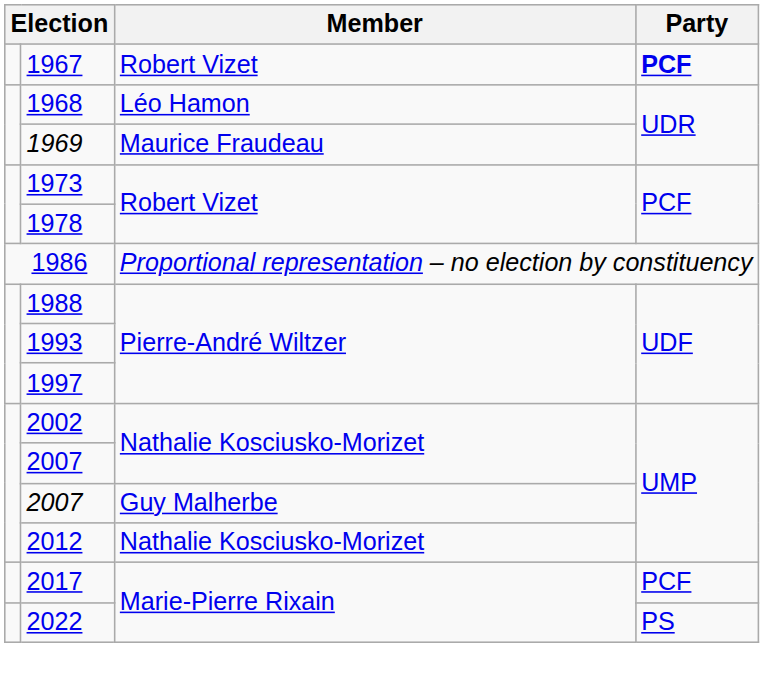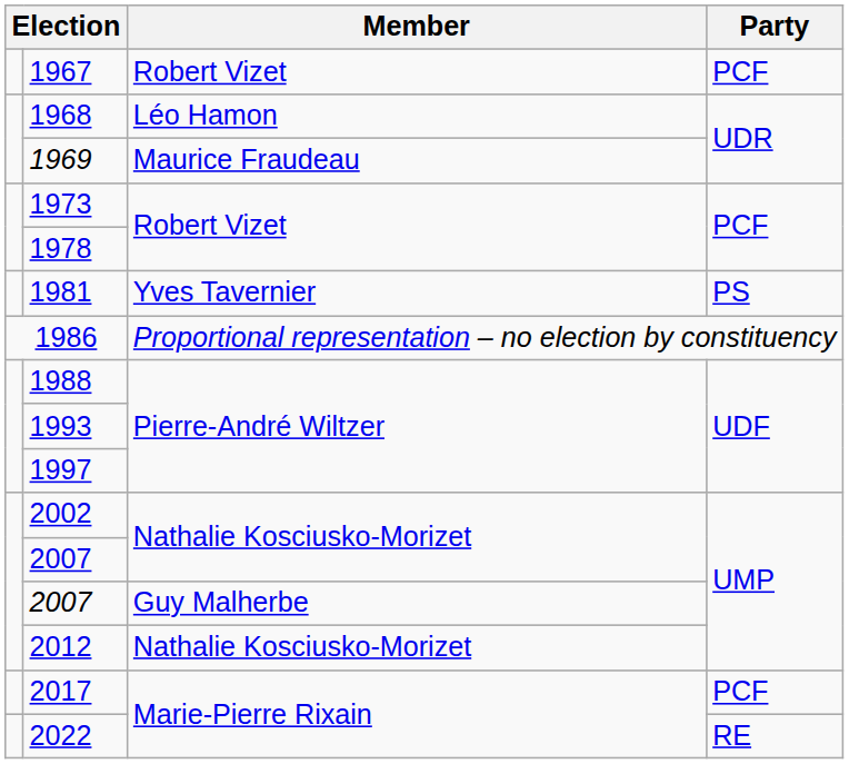 <table class="wikitable">
 <tr>
 <th colspan="2">Election</th>
 <th>Member</th>
 <th>Party</th>
 </tr>
 <tr>
 <td style="color:inherit;background-color: "></td>
 <td><a href='#'>1967</a></td>
 <td><a href='#'>Robert Vizet</a></td>
-<td><strong><a href='#'>PCF</a></strong></td>
+<td><a href='#'>PCF</a></td>
 </tr>
 <tr>
 <td rowspan="2" style="color:inherit;background-color: "></td>
 <td><a href='#'>1968</a></td>
 <td><a href='#'>Léo Hamon</a></td>
 <td rowspan="2"><a href='#'>UDR</a></td>
 </tr>
 <tr>
 <td><em>1969</em></td>
 <td><a href='#'>Maurice Fraudeau</a></td>
 </tr>
 <tr>
 <td rowspan="2" style="color:inherit;background-color: "></td>
 <td><a href='#'>1973</a></td>
 <td rowspan="2"><a href='#'>Robert Vizet</a></td>
 <td rowspan="2"><a href='#'>PCF</a></td>
 </tr>
 <tr>
 <td><a href='#'>1978</a></td>
+</tr>
+<tr>
+<td style="color:inherit;background-color: "></td>
+<td><a href='#'>1981</a></td>
+<td><a href='#'>Yves Tavernier</a></td>
+<td><a href='#'>PS</a></td>
 </tr>
 <tr>
 <td colspan="2" align="center"><a href='#'>1986</a></td>
 <td colspan="2"><em><a href='#'>Proportional representation</a> – no election by constituency</em></td>
 </tr>
 <tr>
 <td rowspan="3" style="color:inherit;background-color: "></td>
 <td><a href='#'>1988</a></td>
 <td rowspan="3"><a href='#'>Pierre-André Wiltzer</a></td>
 <td rowspan="3"><a href='#'>UDF</a></td>
 </tr>
 <tr>
 <td><a href='#'>1993</a></td>
 </tr>
 <tr>
 <td><a href='#'>1997</a></td>
 </tr>
 <tr>
 <td rowspan="4" style="color:inherit;background-color: "></td>
 <td><a href='#'>2002</a></td>
 <td rowspan="2"><a href='#'>Nathalie Kosciusko-Morizet</a></td>
 <td rowspan="4"><a href='#'>UMP</a></td>
 </tr>
 <tr>
 <td><a href='#'>2007</a></td>
 </tr>
 <tr>
 <td><em>2007</em></td>
 <td><a href='#'>Guy Malherbe</a></td>
 </tr>
 <tr>
 <td><a href='#'>2012</a></td>
 <td><a href='#'>Nathalie Kosciusko-Morizet</a></td>
 </tr>
 <tr>
 <td style="color:inherit;background-color: "></td>
 <td><a href='#'>2017</a></td>
 <td rowspan="2"><a href='#'>Marie-Pierre Rixain</a></td>
 <td><a href='#'>PCF</a></td>
 </tr>
 <tr>
 <td style="color:inherit;background-color: "></td>
 <td><a href='#'>2022</a></td>
-<td><a href='#'>PS</a></td>
+<td><a href='#'>RE</a></td>
 </tr>
 </table>
